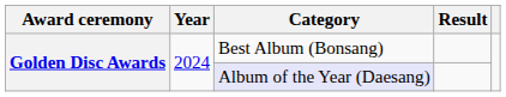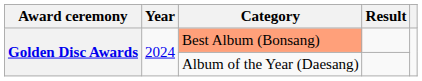 <table class="wikitable plainrowheaders sortable" style="text-align:center">
 <tr>
 <th scope="col">Award ceremony</th>
 <th scope="col">Year</th>
 <th scope="col">Category</th>
 <th scope="col">Result</th>
 <th scope="col" class="unsortable"></th>
 </tr>
 <tr>
 <th rowspan="2" scope="row"><a href='#'>Golden Disc Awards</a></th>
 <td rowspan="2"><a href='#'>2024</a></td>
-<td style="text-align:left">Best Album (Bonsang)</td>
+<td style="background: lightsalmon; text-align:left">Best Album (Bonsang)</td>
 <td></td>
 <td rowspan="2"></td>
 </tr>
 <tr>
-<td style="background: lavender; text-align:left">Album of the Year (Daesang)</td>
+<td style="text-align:left">Album of the Year (Daesang)</td>
 <td></td>
 </tr>
 </table>
